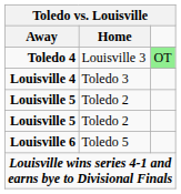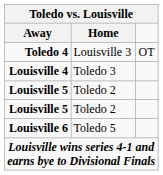 <table class="wikitable">
 <tr>
 <th bgcolor="#DDDDDD" colspan="4">Toledo vs. Louisville</th>
 </tr>
 <tr>
 <th>Away</th>
 <th>Home</th>
 </tr>
 <tr>
 <td align="right"><strong>Toledo 4</strong></td>
 <td>Louisville 3</td>
-<td style="background: lightgreen;">OT</td>
+<td>OT</td>
 </tr>
 <tr>
 <td align="right"><strong>Louisville 4</strong></td>
 <td>Toledo 3</td>
 <td></td>
 </tr>
 <tr>
 <td align="right"><strong>Louisville 5</strong></td>
 <td>Toledo 2</td>
 <td></td>
 </tr>
 <tr>
 <td align="right"><strong>Louisville 5</strong></td>
 <td>Toledo 2</td>
 <td></td>
 </tr>
 <tr>
 <td align="right"><strong>Louisville 6</strong></td>
 <td>Toledo 5</td>
 <td></td>
 </tr>
 <tr align="center">
 <td colspan="4"><strong><em>Louisville wins series 4-1 and <br> earns bye to Divisional Finals</em></strong></td>
 </tr>
 </table>
